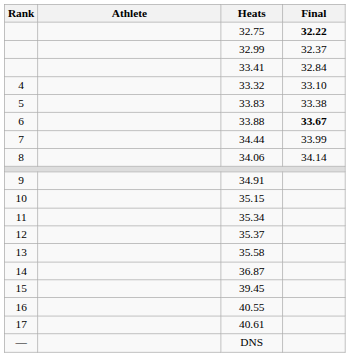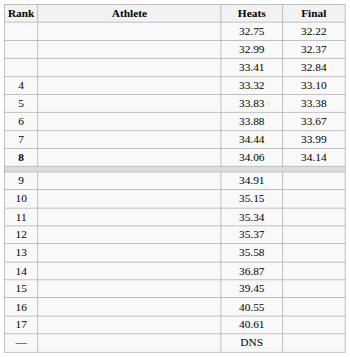 <table class=wikitable style="text-align:center">
 <tr>
 <th width=40>Rank</th>
 <th width=250>Athlete</th>
 <th width=80>Heats</th>
 <th width=80>Final</th>
 </tr>
 <tr>
 <td></td>
 <td align=left></td>
 <td>32.75</td>
-<td><strong>32.22</strong></td>
+<td>32.22</td>
 </tr>
 <tr>
 <td></td>
 <td align=left></td>
 <td>32.99</td>
 <td>32.37</td>
 </tr>
 <tr>
 <td></td>
 <td align=left></td>
 <td>33.41</td>
 <td>32.84</td>
 </tr>
 <tr>
 <td>4</td>
 <td align=left></td>
 <td>33.32</td>
 <td>33.10</td>
 </tr>
 <tr>
 <td>5</td>
 <td align=left></td>
 <td>33.83</td>
 <td>33.38</td>
 </tr>
 <tr>
 <td>6</td>
 <td align=left></td>
 <td>33.88</td>
-<td><strong>33.67</strong></td>
+<td>33.67</td>
 </tr>
 <tr>
 <td>7</td>
 <td align=left></td>
 <td>34.44</td>
 <td>33.99</td>
 </tr>
 <tr>
-<td>8</td>
+<td><strong>8</strong></td>
 <td align=left></td>
 <td>34.06</td>
 <td>34.14</td>
 </tr>
 <tr bgcolor=#DDDDDD>
 <td colspan=4></td>
 </tr>
 <tr>
 <td>9</td>
 <td align=left></td>
 <td>34.91</td>
 <td></td>
 </tr>
 <tr>
 <td>10</td>
 <td align=left></td>
 <td>35.15</td>
 <td></td>
 </tr>
 <tr>
 <td>11</td>
 <td align=left></td>
 <td>35.34</td>
 <td></td>
 </tr>
 <tr>
 <td>12</td>
 <td align=left></td>
 <td>35.37</td>
 <td></td>
 </tr>
 <tr>
 <td>13</td>
 <td align=left></td>
 <td>35.58</td>
 <td></td>
 </tr>
 <tr>
 <td>14</td>
 <td align=left></td>
 <td>36.87</td>
 <td></td>
 </tr>
 <tr>
 <td>15</td>
 <td align=left></td>
 <td>39.45</td>
 <td></td>
 </tr>
 <tr>
 <td>16</td>
 <td align=left></td>
 <td>40.55</td>
 <td></td>
 </tr>
 <tr>
 <td>17</td>
 <td align=left></td>
 <td>40.61</td>
 <td></td>
 </tr>
 <tr>
 <td>—</td>
 <td align=left></td>
 <td>DNS</td>
 <td></td>
 </tr>
 </table>
